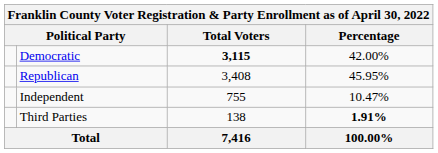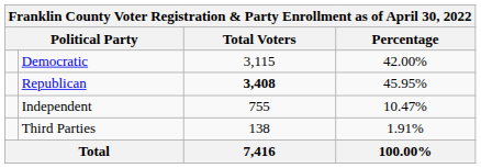 <table class=wikitable>
 <tr>
 <th colspan = 6>Franklin County Voter Registration & Party Enrollment as of April 30, 2022</th>
 </tr>
 <tr>
 <th colspan = 2>Political Party</th>
 <th>Total Voters</th>
 <th>Percentage</th>
 </tr>
 <tr>
 <td></td>
 <td><a href='#'>Democratic</a></td>
-<td align = center><strong>3,115</strong></td>
+<td align = center>3,115</td>
 <td align = center>42.00%</td>
 </tr>
 <tr>
 <td></td>
 <td><a href='#'>Republican</a></td>
-<td align = center>3,408</td>
+<td align = center><strong>3,408</strong></td>
 <td align = center>45.95%</td>
 </tr>
 <tr>
 <td></td>
 <td>Independent</td>
 <td align = center>755</td>
 <td align = center>10.47%</td>
 </tr>
 <tr>
 <td></td>
 <td>Third Parties</td>
 <td align = center>138</td>
-<td align = center><strong>1.91%</strong></td>
+<td align = center>1.91%</td>
 </tr>
 <tr>
 <th colspan = 2>Total</th>
 <th align = center>7,416</th>
 <th align = center>100.00%</th>
 </tr>
 </table>
